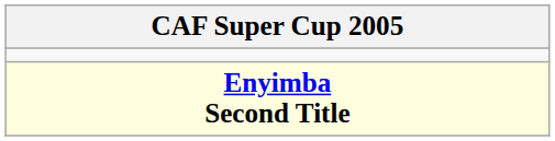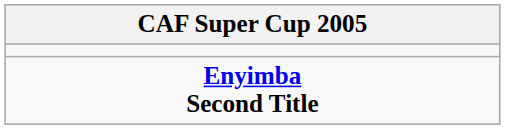 <table class="wikitable" style="margin: 0 auto; width: 20%;">
 <tr>
 <th>CAF Super Cup 2005</th>
 </tr>
 <tr>
 <td align=center></td>
 </tr>
 <tr>
-<td align=center style="background: lightyellow;"><strong><a href='#'>Enyimba</a></strong><br><strong>Second Title</strong> <br></td>
+<td align=center><strong><a href='#'>Enyimba</a></strong><br><strong>Second Title</strong> <br></td>
 </tr>
 </table>
